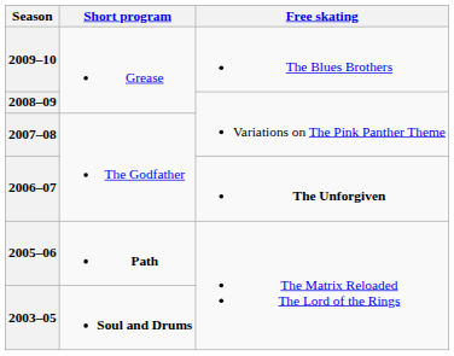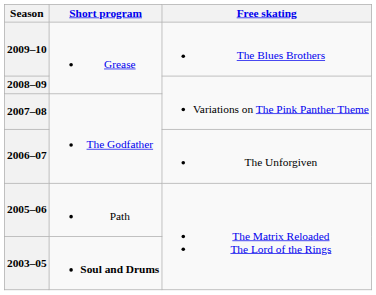 <table class=wikitable style=text-align:center>
 <tr>
 <th>Season</th>
 <th><a href='#'>Short program</a></th>
 <th><a href='#'>Free skating</a></th>
 </tr>
 <tr>
 <th>2009–10 <br> </th>
 <td rowspan=2><br><ul><li><a href='#'>Grease</a> <br></li></ul></td>
 <td><br><ul><li><a href='#'>The Blues Brothers</a></li></ul></td>
 </tr>
 <tr>
 <th>2008–09 <br> </th>
 <td rowspan=2><br><ul><li>Variations on <a href='#'>The Pink Panther Theme</a> <br></li></ul></td>
 </tr>
 <tr>
 <th>2007–08 <br> </th>
 <td rowspan=2><br><ul><li><a href='#'>The Godfather</a> <br></li></ul></td>
 </tr>
 <tr>
 <th>2006–07 <br> </th>
-<td><strong><br><ul><li>The Unforgiven <br></li></ul></strong></td>
+<td><br><ul><li>The Unforgiven <br></li></ul></td>
 </tr>
 <tr>
 <th>2005–06 <br> </th>
-<td><strong><br><ul><li>Path <br></li></ul></strong></td>
+<td><br><ul><li>Path <br></li></ul></td>
 <td rowspan=2><br><ul><li><a href='#'>The Matrix Reloaded</a> <br></li><li><a href='#'>The Lord of the Rings</a> <br></li></ul></td>
 </tr>
 <tr>
 <th>2003–05 <br> </th>
 <td><strong><br><ul><li>Soul and Drums <br></li></ul></strong></td>
 </tr>
 </table>
